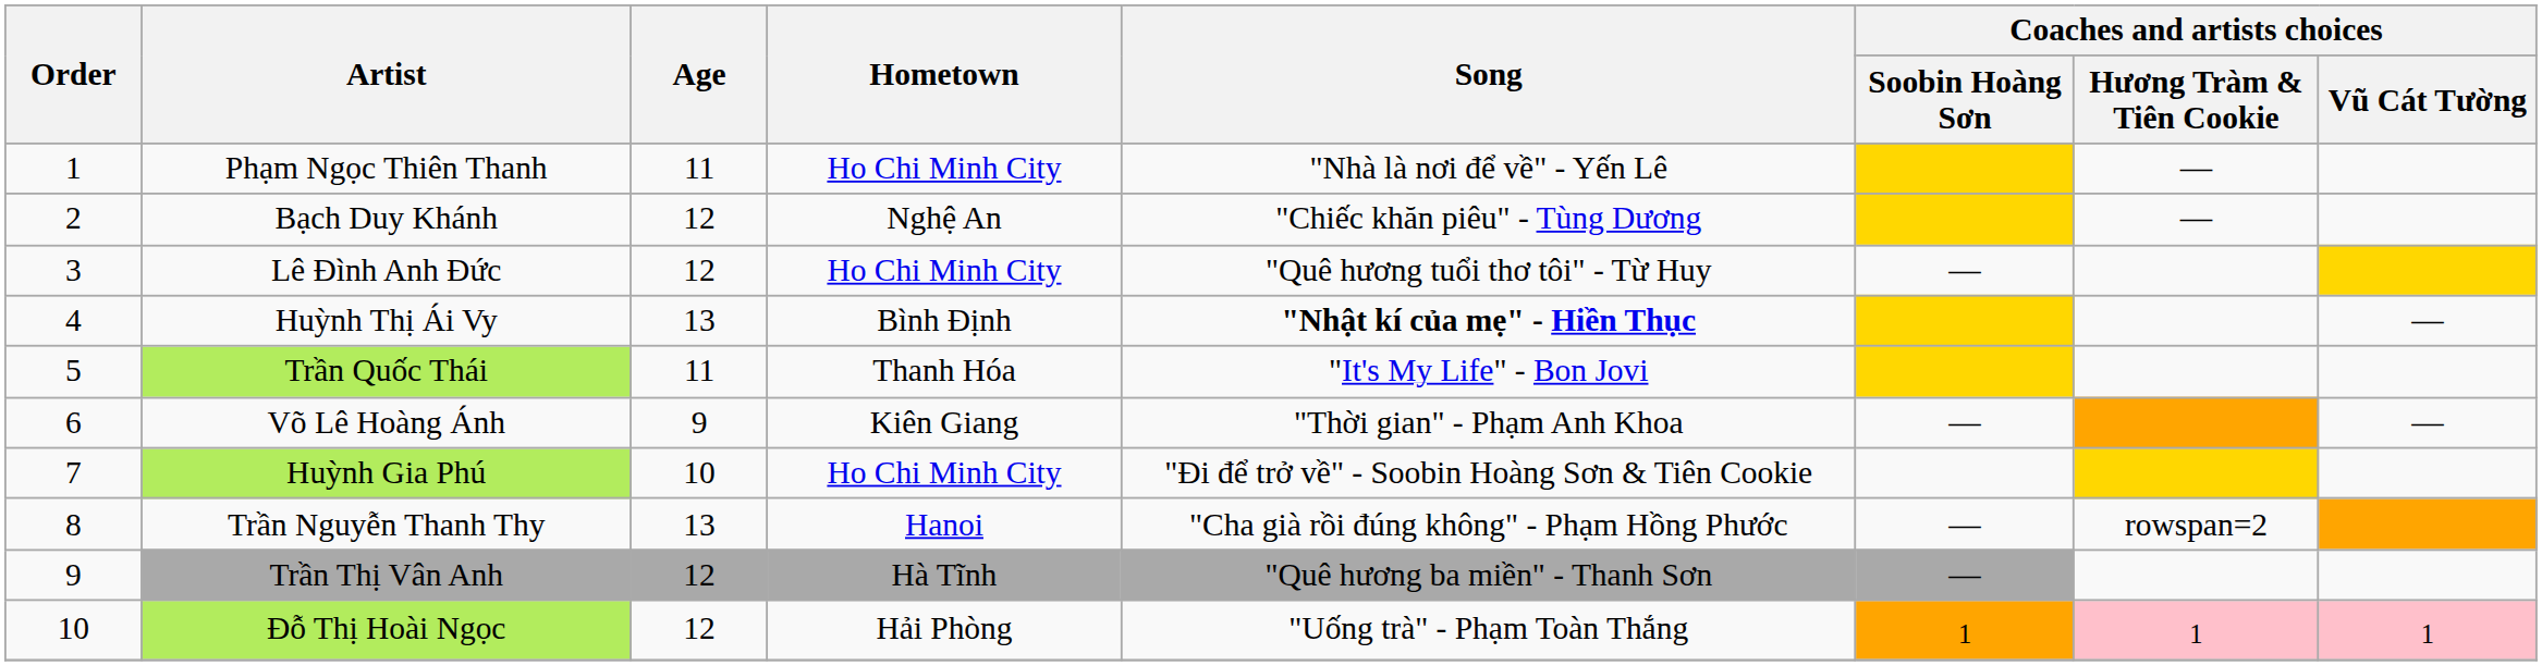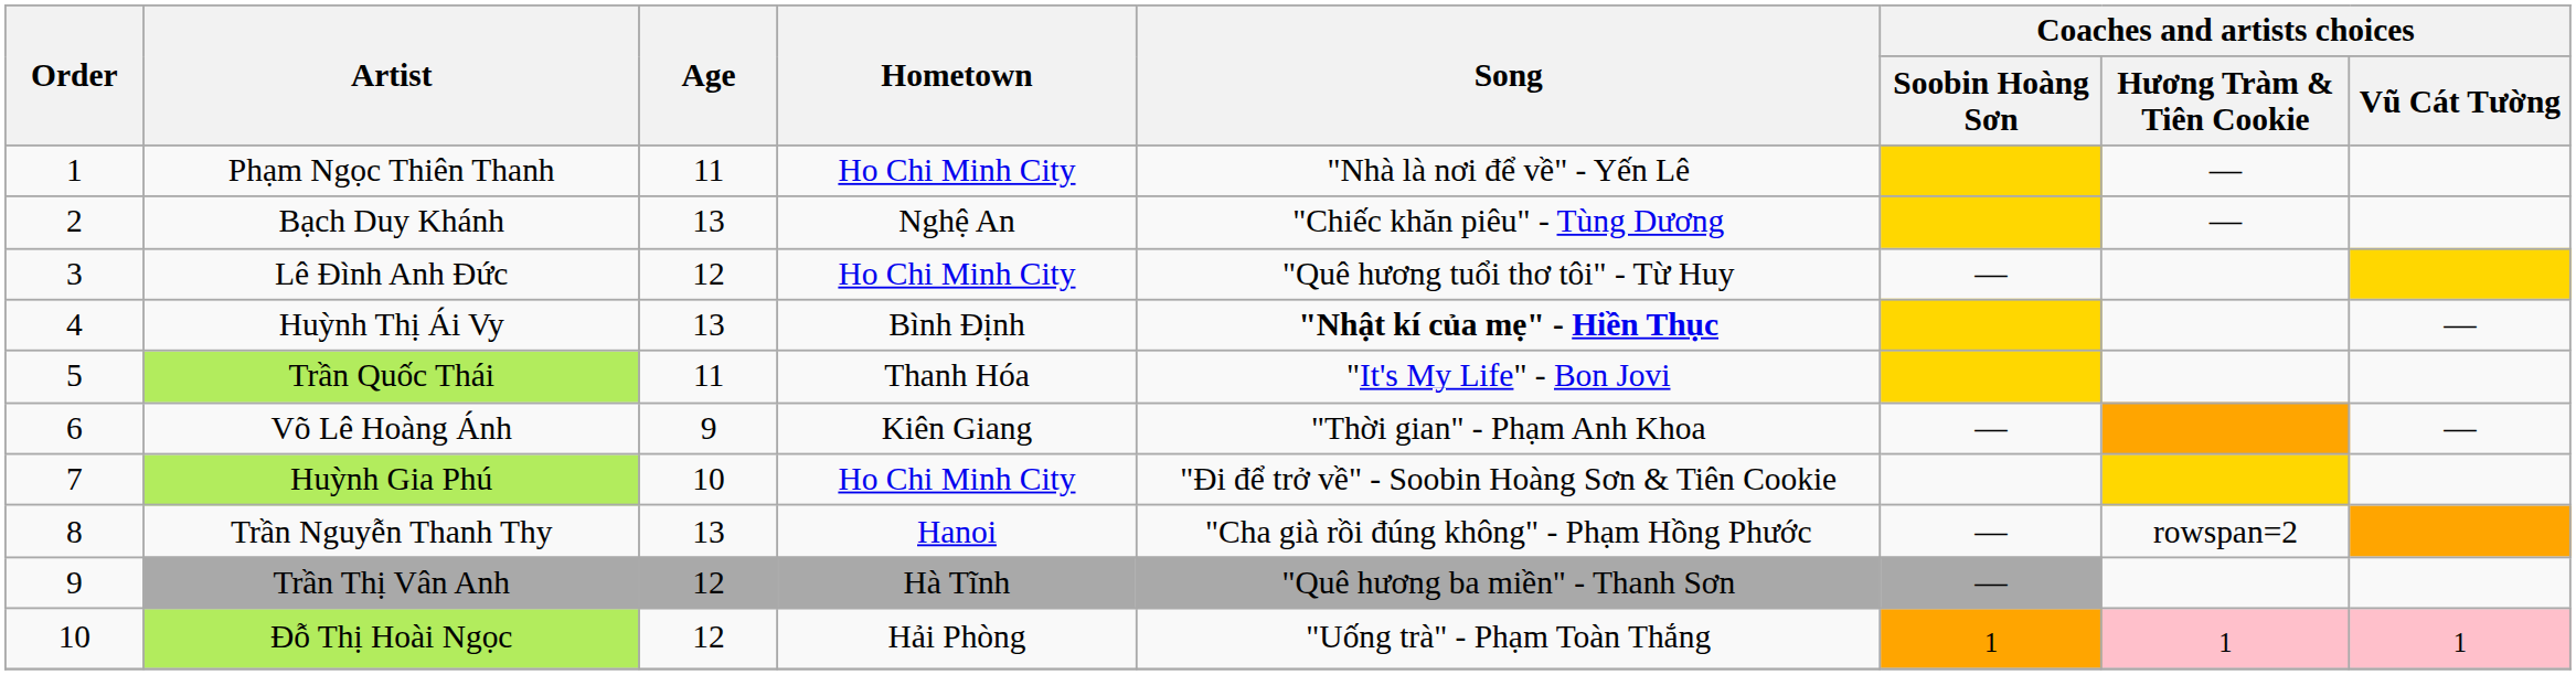 <table class="wikitable" style="text-align:center; width:100%;">
 <tr>
 <th scope="col" rowspan="2" width="05%">Order</th>
 <th scope="col" rowspan="2" width="18%">Artist</th>
 <th scope="col" rowspan="2" width="05%">Age</th>
 <th scope="col" rowspan="2" width="13%">Hometown</th>
 <th scope="col" rowspan="2" width="27%">Song</th>
 <th scope="col" colspan="4" width="26%">Coaches and artists choices</th>
 </tr>
 <tr>
 <th width="08%">Soobin Hoàng Sơn</th>
 <th width="09%">Hương Tràm & Tiên Cookie</th>
 <th width="08%">Vũ Cát Tường</th>
 </tr>
 <tr>
 <td scope="row">1</td>
 <td>Phạm Ngọc Thiên Thanh</td>
 <td>11</td>
 <td><a href='#'>Ho Chi Minh City</a></td>
 <td>"Nhà là nơi để về" - Yến Lê</td>
 <td style="background:gold;text-align:center;"></td>
 <td>—</td>
 <td style="text-align:center;"></td>
 </tr>
 <tr>
 <td scope="row">2</td>
 <td>Bạch Duy Khánh</td>
-<td>12</td>
+<td>13</td>
 <td>Nghệ An</td>
 <td>"Chiếc khăn piêu" - <a href='#'>Tùng Dương</a></td>
 <td style="background:gold;text-align:center;"></td>
 <td>—</td>
 <td style="text-align:center;"></td>
 </tr>
 <tr>
 <td scope="row">3</td>
 <td>Lê Đình Anh Đức</td>
 <td>12</td>
 <td><a href='#'>Ho Chi Minh City</a></td>
 <td>"Quê hương tuổi thơ tôi" - Từ Huy</td>
 <td>—</td>
 <td style="text-align:center;"></td>
 <td style="background:gold;text-align:center;"></td>
 </tr>
 <tr>
 <td scope="row">4</td>
 <td>Huỳnh Thị Ái Vy</td>
 <td>13</td>
 <td>Bình Định</td>
 <td><strong>"Nhật kí của mẹ" - <a href='#'>Hiền Thục</a></strong></td>
 <td style="background:gold;text-align:center;"></td>
 <td style="text-align:center;"></td>
 <td>—</td>
 </tr>
 <tr>
 <td scope="row">5</td>
 <td style="background-color:#B2EC5D;">Trần Quốc Thái</td>
 <td>11</td>
 <td>Thanh Hóa</td>
 <td>"<a href='#'>It's My Life</a>" - <a href='#'>Bon Jovi</a></td>
 <td style="background:gold;text-align:center;"></td>
 <td style="text-align:center;"></td>
 <td style="text-align:center;"></td>
 </tr>
 <tr>
 <td scope="row">6</td>
 <td>Võ Lê Hoàng Ánh</td>
 <td>9</td>
 <td>Kiên Giang</td>
 <td>"Thời gian" - Phạm Anh Khoa</td>
 <td>—</td>
 <td style="background:orange;text-align:center;"></td>
 <td>—</td>
 </tr>
 <tr>
 <td scope="row">7</td>
 <td style="background-color:#B2EC5D;">Huỳnh Gia Phú</td>
 <td>10</td>
 <td><a href='#'>Ho Chi Minh City</a></td>
 <td>"Đi để trở về" - Soobin Hoàng Sơn & Tiên Cookie</td>
 <td style="text-align:center;"></td>
 <td style="background:gold;text-align:center;"></td>
 <td style="text-align:center;"></td>
 </tr>
 <tr>
 <td scope="row">8</td>
 <td>Trần Nguyễn Thanh Thy</td>
 <td>13</td>
 <td><a href='#'>Hanoi</a></td>
 <td>"Cha già rồi đúng không" - Phạm Hồng Phước</td>
 <td>—</td>
 <td>rowspan=2 </td>
 <td style="background:orange;text-align:center;"></td>
 </tr>
 <tr>
 <td scope="row">9</td>
 <td style="background:darkgrey;">Trần Thị Vân Anh</td>
 <td style="background:darkgrey;">12</td>
 <td style="background:darkgrey;">Hà Tĩnh</td>
 <td style="background:darkgrey;">"Quê hương ba miền" - Thanh Sơn</td>
 <td style="background:darkgrey;text-align:center;">—</td>
 <td></td>
 </tr>
 <tr>
 <td scope="row">10</td>
 <td style="background-color:#B2EC5D;">Đỗ Thị Hoài Ngọc</td>
 <td>12</td>
 <td>Hải Phòng</td>
 <td>"Uống trà" - Phạm Toàn Thắng</td>
 <td style="background:orange;text-align:center;"><sub>1</sub></td>
 <td style="background:pink;text-align:center;"><sub>1</sub></td>
 <td style="background:pink;text-align:center;"><sub>1</sub></td>
 </tr>
 <tr>
 </tr>
 </table>
